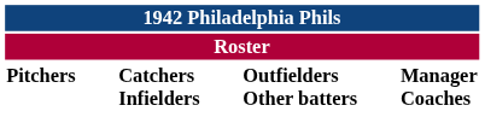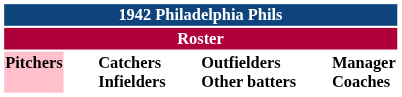 <table class="toccolours" style="font-size: 95%;">
 <tr>
 <th colspan="10" style="background-color: #0f437c; color: white; text-align: center;">1942 Philadelphia Phils</th>
 </tr>
 <tr>
 <td colspan="10" style="background-color: #af0039; color: white; text-align: center;"><strong>Roster</strong></td>
 </tr>
 <tr>
-<td valign="top"><strong>Pitchers</strong><br>             </td>
+<td valign="top" style="background: pink;"><strong>Pitchers</strong><br>             </td>
 <td width="25px"></td>
 <td valign="top"><strong>Catchers</strong><br>    <strong>Infielders</strong>         </td>
 <td width="25px"></td>
 <td valign="top"><strong>Outfielders</strong><br>       <strong>Other batters</strong> </td>
 <td width="25px"></td>
 <td valign="top"><strong>Manager</strong><br> <strong>Coaches</strong>  </td>
 </tr>
 </table>
